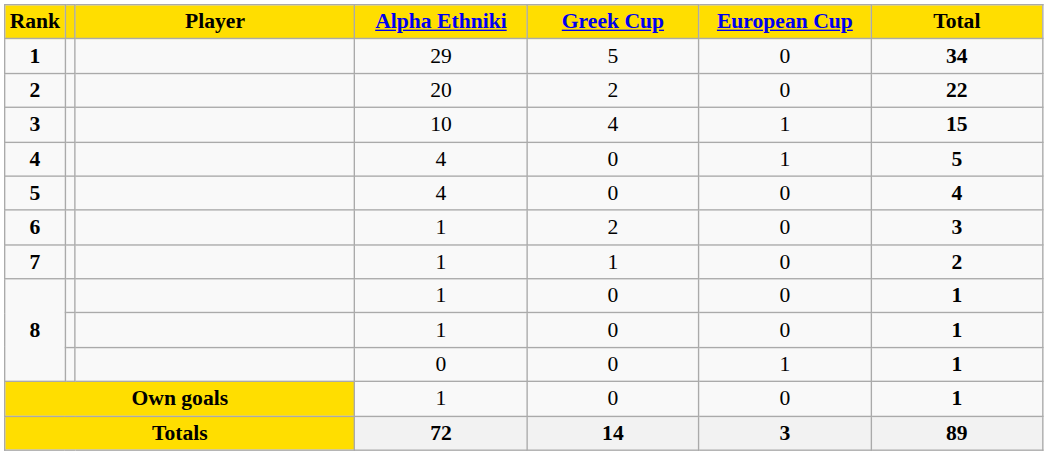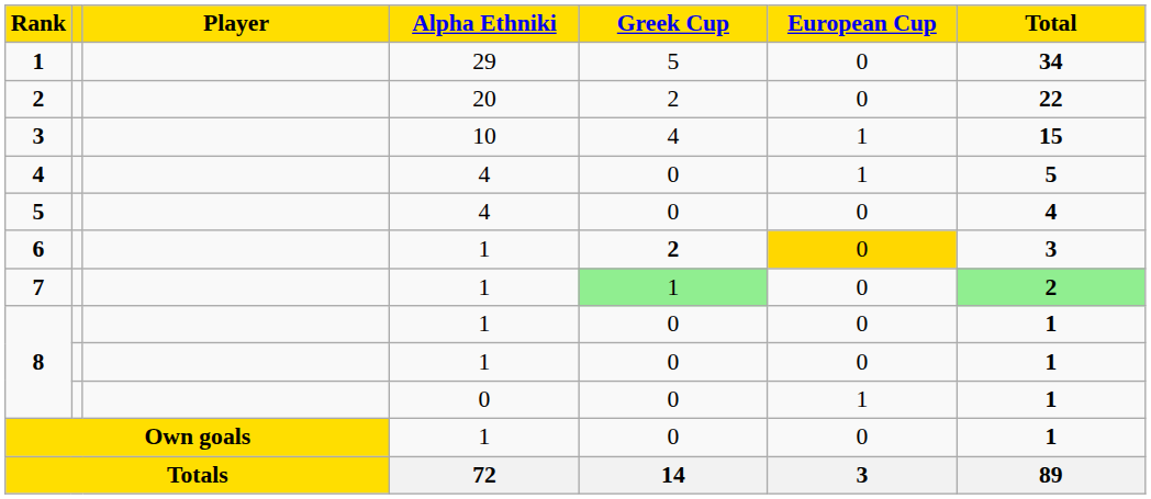 <table class="wikitable sortable" style="text-align: center">
 <tr>
 <th style="background:#FFDE00">Rank</th>
 <th style="background:#FFDE00"></th>
 <th width=200 style="background:#FFDE00">Player</th>
 <th width=120 style="background:#FFDE00"><a href='#'>Alpha Ethniki</a></th>
 <th width=120 style="background:#FFDE00"><a href='#'>Greek Cup</a></th>
 <th width=120 style="background:#FFDE00"><a href='#'>European Cup</a></th>
 <th width=120 style="background:#FFDE00">Total</th>
 </tr>
 <tr>
 <td><strong>1</strong></td>
 <td></td>
 <td align=left></td>
 <td>29</td>
 <td>5</td>
 <td>0</td>
 <td><strong>34</strong></td>
 </tr>
 <tr>
 <td><strong>2</strong></td>
 <td></td>
 <td align=left></td>
 <td>20</td>
 <td>2</td>
 <td>0</td>
 <td><strong>22</strong></td>
 </tr>
 <tr>
 <td><strong>3</strong></td>
 <td></td>
 <td align=left></td>
 <td>10</td>
 <td>4</td>
 <td>1</td>
 <td><strong>15</strong></td>
 </tr>
 <tr>
 <td><strong>4</strong></td>
 <td></td>
 <td align=left></td>
 <td>4</td>
 <td>0</td>
 <td>1</td>
 <td><strong>5</strong></td>
 </tr>
 <tr>
 <td><strong>5</strong></td>
 <td></td>
 <td align=left></td>
 <td>4</td>
 <td>0</td>
 <td>0</td>
 <td><strong>4</strong></td>
 </tr>
 <tr>
 <td><strong>6</strong></td>
 <td></td>
 <td align=left></td>
 <td>1</td>
-<td>2</td>
-<td>0</td>
+<td><strong>2</strong></td>
+<td style="background: gold;">0</td>
 <td><strong>3</strong></td>
 </tr>
 <tr>
 <td><strong>7</strong></td>
 <td></td>
 <td align=left></td>
 <td>1</td>
-<td>1</td>
+<td style="background: lightgreen;">1</td>
 <td>0</td>
-<td><strong>2</strong></td>
+<td style="background: lightgreen;"><strong>2</strong></td>
 </tr>
 <tr>
 <td rowspan=3><strong>8</strong></td>
 <td></td>
 <td align=left></td>
 <td>1</td>
 <td>0</td>
 <td>0</td>
 <td><strong>1</strong></td>
 </tr>
 <tr>
 <td></td>
 <td align=left></td>
 <td>1</td>
 <td>0</td>
 <td>0</td>
 <td><strong>1</strong></td>
 </tr>
 <tr>
 <td></td>
 <td align=left></td>
 <td>0</td>
 <td>0</td>
 <td>1</td>
 <td><strong>1</strong></td>
 </tr>
 <tr class="sortbottom">
 <td colspan=3 style="background:#FFDE00"><strong>Own goals</strong></td>
 <td>1</td>
 <td>0</td>
 <td>0</td>
 <td><strong>1</strong></td>
 </tr>
 <tr class="sortbottom">
 <th colspan=3 style="background:#FFDE00"><strong>Totals</strong></th>
 <th><strong>72</strong></th>
 <th><strong>14</strong></th>
 <th><strong> 3</strong></th>
 <th><strong>89</strong></th>
 </tr>
 </table>
